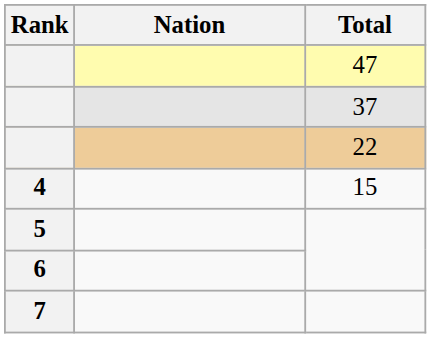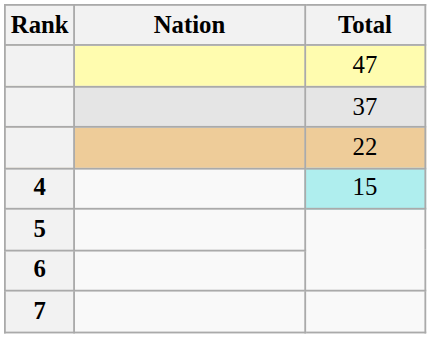 <table class="wikitable sortable" style="text-align:center; font-size:85%">
 <tr>
 <th scope="col" style="width:25px;">Rank</th>
 <th ! scope="col" style="width:120px;">Nation</th>
 <th ! scope="col" style="width:60px;">Total</th>
 </tr>
 <tr bgcolor=fffcaf>
 <th scope=row></th>
 <td align=left></td>
 <td>47</td>
 </tr>
 <tr bgcolor=e5e5e5>
 <th scope=row></th>
 <td align=left></td>
 <td>37</td>
 </tr>
 <tr bgcolor=eecc99>
 <th scope=row></th>
 <td align=left></td>
 <td>22</td>
 </tr>
 <tr>
 <th scope=row>4</th>
 <td align=left></td>
-<td>15</td>
+<td style="background: paleturquoise;">15</td>
 </tr>
 <tr>
 <th scope=row>5</th>
 <td align=left></td>
 <td rowspan=2></td>
 </tr>
 <tr>
 <th scope=row>6</th>
 <td align=left></td>
 </tr>
 <tr>
 <th scope=row>7</th>
 <td align=left></td>
 <td></td>
 </tr>
 </table>
